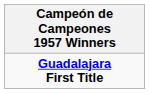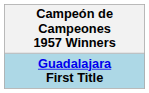 <table class="wikitable" style="text-align: center; margin: 0 auto; width: 20%">
 <tr>
 <th>Campeón de Campeones <br>1957 Winners</th>
 </tr>
 <tr>
-<td><strong><a href='#'>Guadalajara</a> </strong><br><strong>First Title</strong></td>
+<td style="background: lightblue;"><strong><a href='#'>Guadalajara</a> </strong><br><strong>First Title</strong></td>
 </tr>
 </table>
